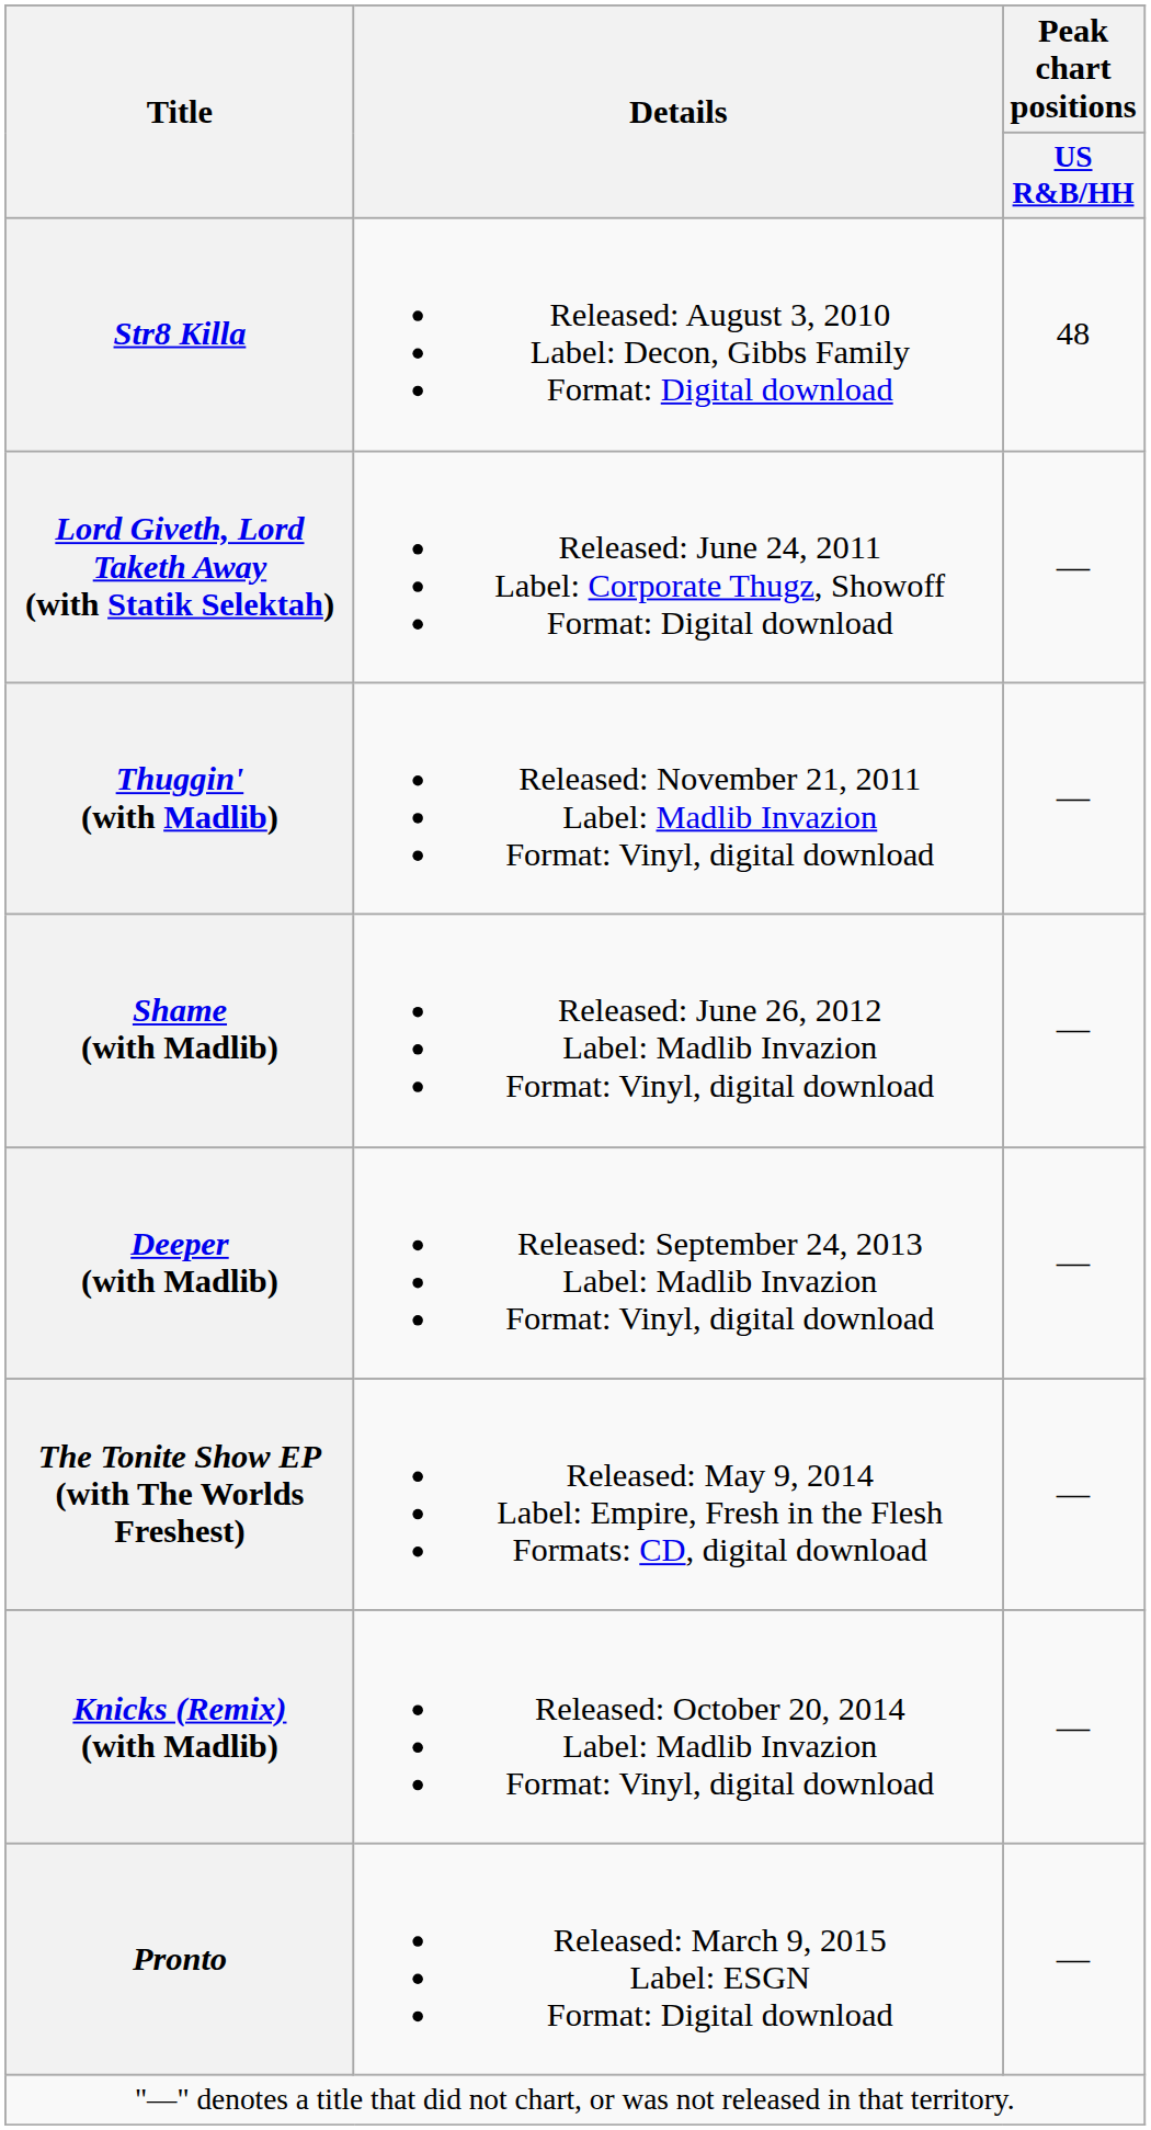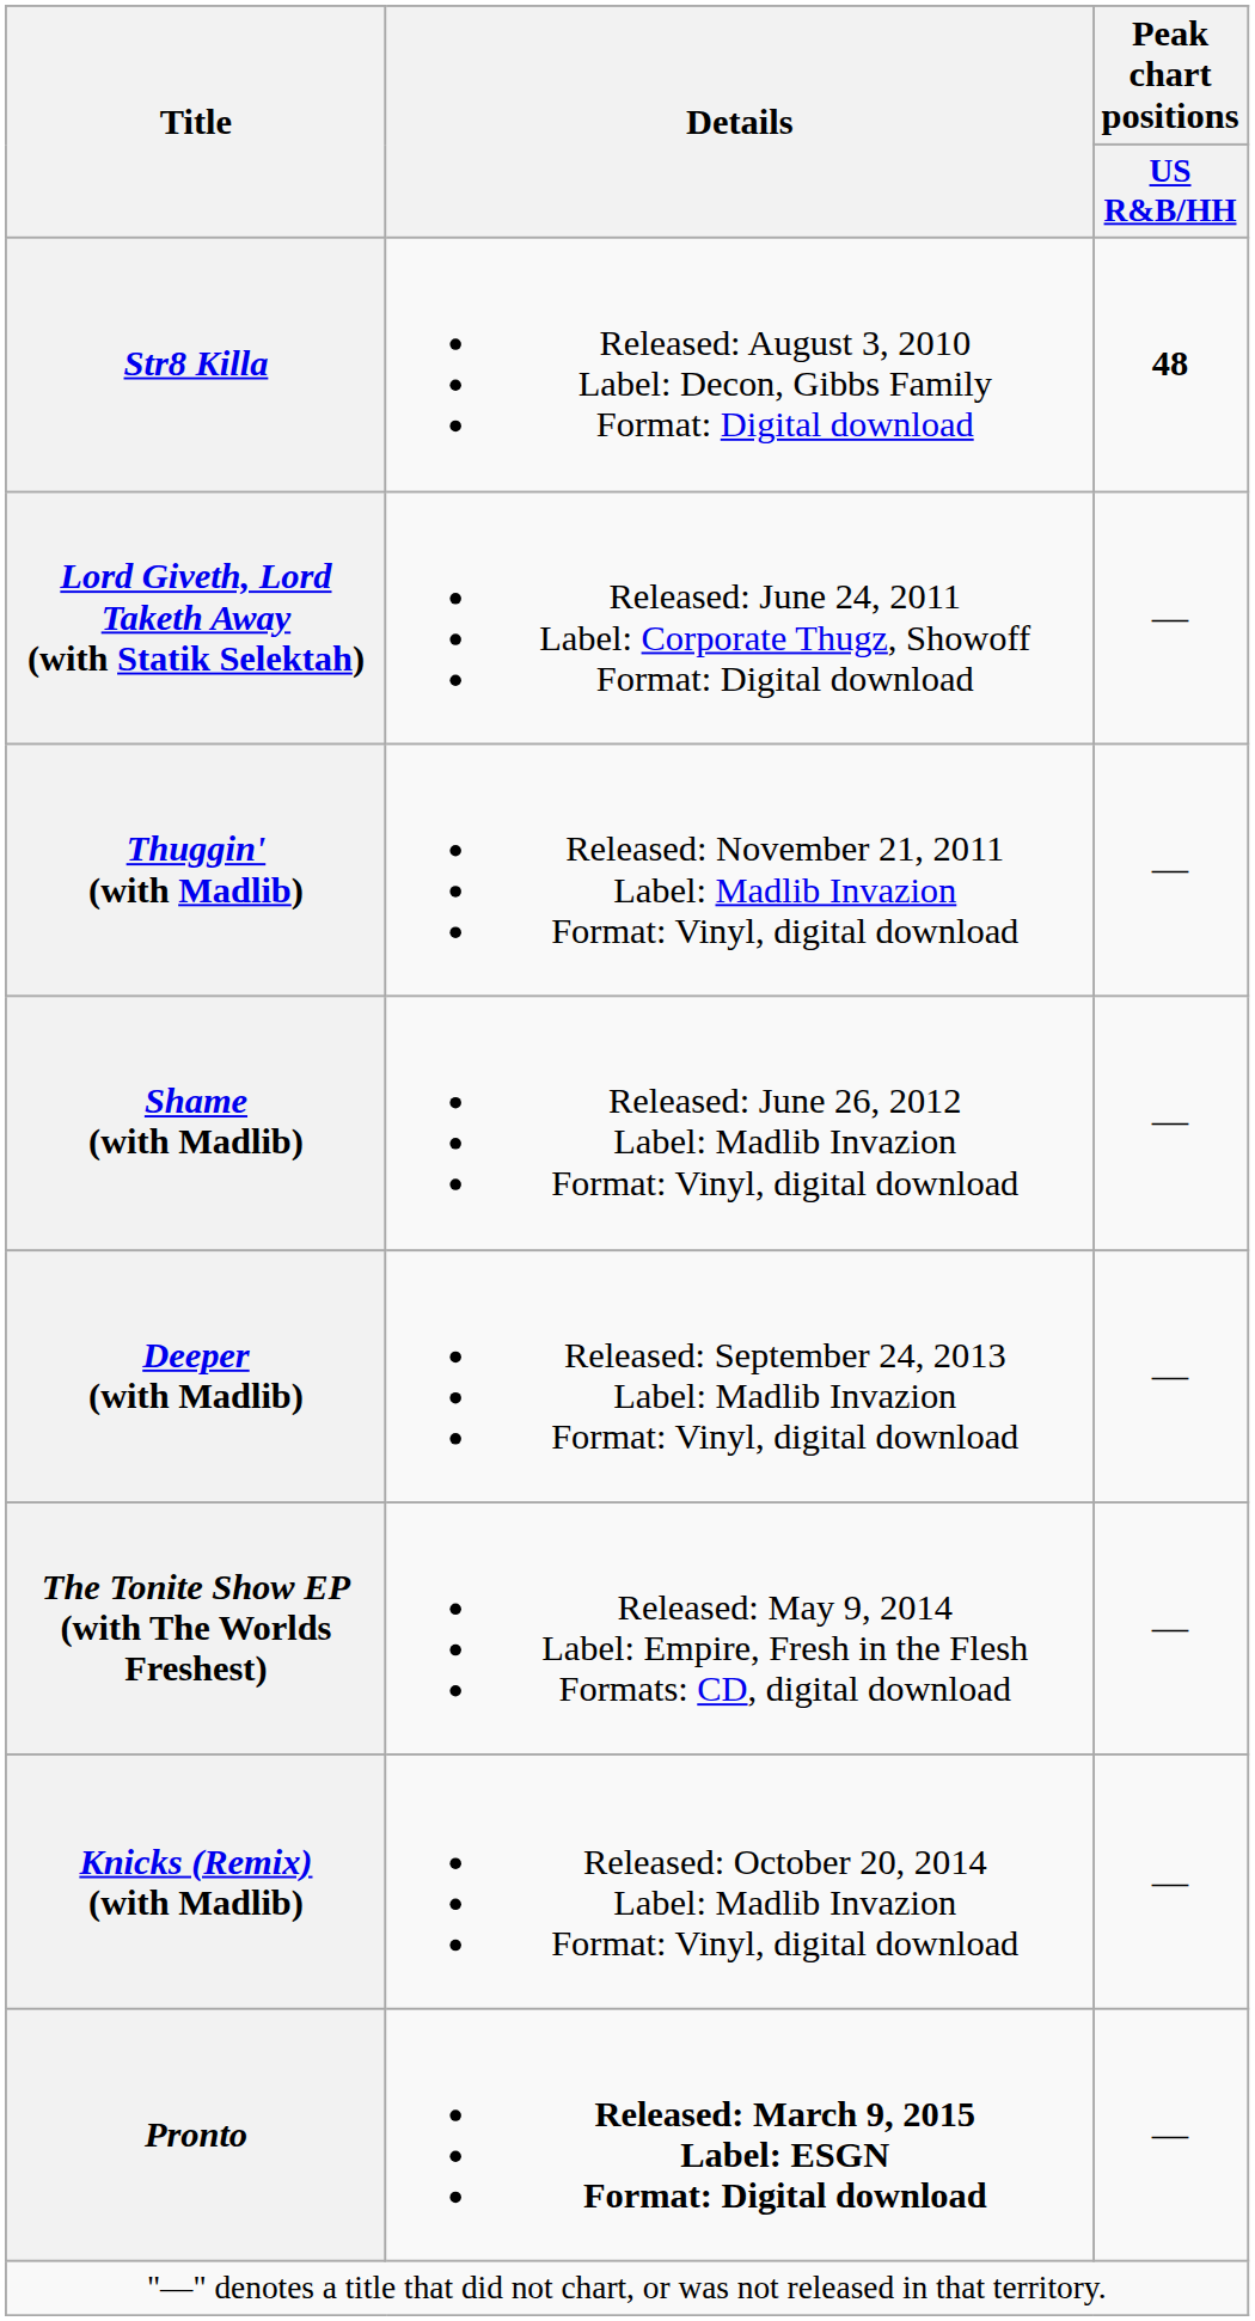 <table class="wikitable plainrowheaders" style="text-align:center;">
 <tr>
 <th scope="col" rowspan="2" style="width:10em;">Title</th>
 <th scope="col" rowspan="2" style="width:19em;">Details</th>
 <th scope="col" colspan="1">Peak chart positions</th>
 </tr>
 <tr>
 <th scope="col" style="width:3em;font-size:90%;"><a href='#'>US<br>R&B/HH</a><br></th>
 </tr>
 <tr>
 <th scope="row"><em><a href='#'>Str8 Killa</a></em></th>
 <td><br><ul><li>Released: August 3, 2010</li><li>Label: Decon, Gibbs Family</li><li>Format: <a href='#'>Digital download</a></li></ul></td>
-<td>48</td>
+<td><strong>48</strong></td>
 </tr>
 <tr>
 <th scope="row"><em><a href='#'>Lord Giveth, Lord Taketh Away</a></em><br><span>(with <a href='#'>Statik Selektah</a>)</span></th>
 <td><br><ul><li>Released: June 24, 2011</li><li>Label: <a href='#'>Corporate Thugz</a>, Showoff</li><li>Format: Digital download</li></ul></td>
 <td>—</td>
 </tr>
 <tr>
 <th scope="row"><em><a href='#'>Thuggin'</a></em><br><span>(with <a href='#'>Madlib</a>)</span></th>
 <td><br><ul><li>Released: November 21, 2011</li><li>Label: <a href='#'>Madlib Invazion</a></li><li>Format: Vinyl, digital download</li></ul></td>
 <td>—</td>
 </tr>
 <tr>
 <th scope="row"><em><a href='#'>Shame</a></em><br><span>(with Madlib)</span></th>
 <td><br><ul><li>Released: June 26, 2012</li><li>Label: Madlib Invazion</li><li>Format: Vinyl, digital download</li></ul></td>
 <td>—</td>
 </tr>
 <tr>
 <th scope="row"><em><a href='#'>Deeper</a></em><br><span>(with Madlib)</span></th>
 <td><br><ul><li>Released: September 24, 2013</li><li>Label: Madlib Invazion</li><li>Format: Vinyl, digital download</li></ul></td>
 <td>—</td>
 </tr>
 <tr>
 <th scope="row"><em>The Tonite Show EP</em><br><span>(with The Worlds Freshest)</span></th>
 <td><br><ul><li>Released: May 9, 2014</li><li>Label: Empire, Fresh in the Flesh</li><li>Formats: <a href='#'>CD</a>, digital download</li></ul></td>
 <td>—</td>
 </tr>
 <tr>
 <th scope="row"><em><a href='#'>Knicks (Remix)</a></em><br><span>(with Madlib)</span></th>
 <td><br><ul><li>Released: October 20, 2014</li><li>Label: Madlib Invazion</li><li>Format: Vinyl, digital download</li></ul></td>
 <td>—</td>
 </tr>
 <tr>
 <th scope="row"><em>Pronto</em></th>
-<td><br><ul><li>Released: March 9, 2015</li><li>Label: ESGN</li><li>Format: Digital download</li></ul></td>
+<td><strong><br><ul><li>Released: March 9, 2015</li><li>Label: ESGN</li><li>Format: Digital download</li></ul></strong></td>
 <td>—</td>
 </tr>
 <tr>
 <td colspan="14" style="font-size:90%">"—" denotes a title that did not chart, or was not released in that territory.</td>
 </tr>
 </table>
